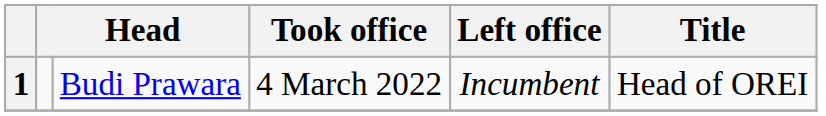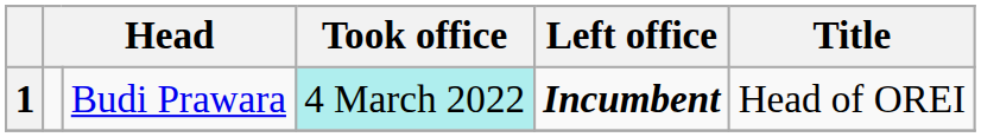 <table class="wikitable sortable">
 <tr>
 <th></th>
 <th colspan="2">Head</th>
 <th>Took office</th>
 <th>Left office</th>
 <th>Title</th>
 </tr>
 <tr>
 <th>1</th>
 <td></td>
 <td><a href='#'>Budi Prawara</a></td>
-<td align="center">4 March 2022</td>
-<td align="center"><em>Incumbent</em></td>
+<td align="center" style="background: paleturquoise;">4 March 2022</td>
+<td align="center"><strong><em>Incumbent</em></strong></td>
 <td align="center">Head of OREI</td>
 </tr>
 <tr>
 </tr>
 </table>
